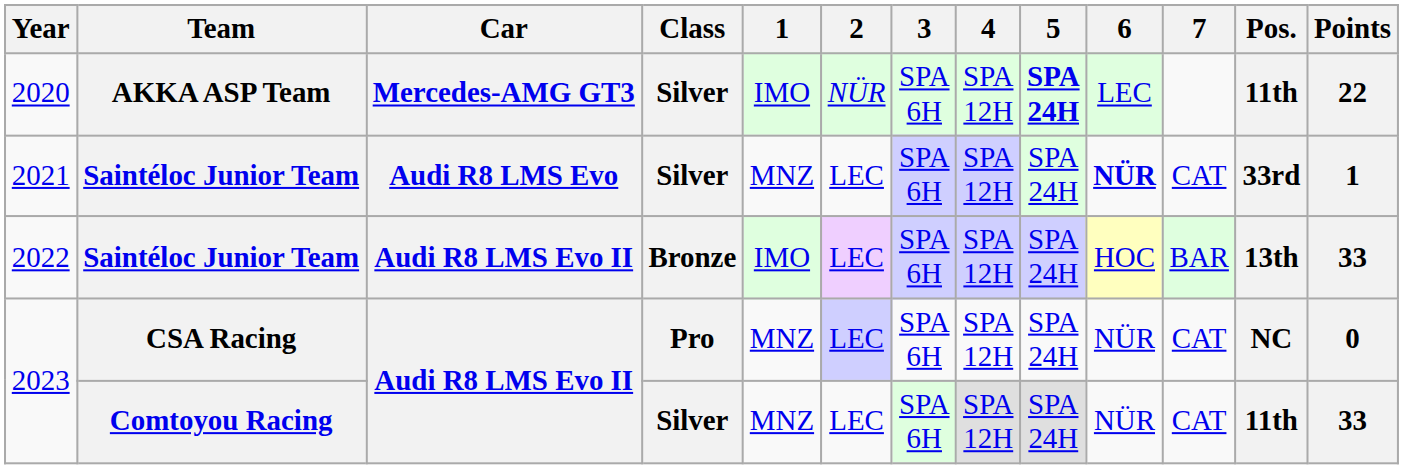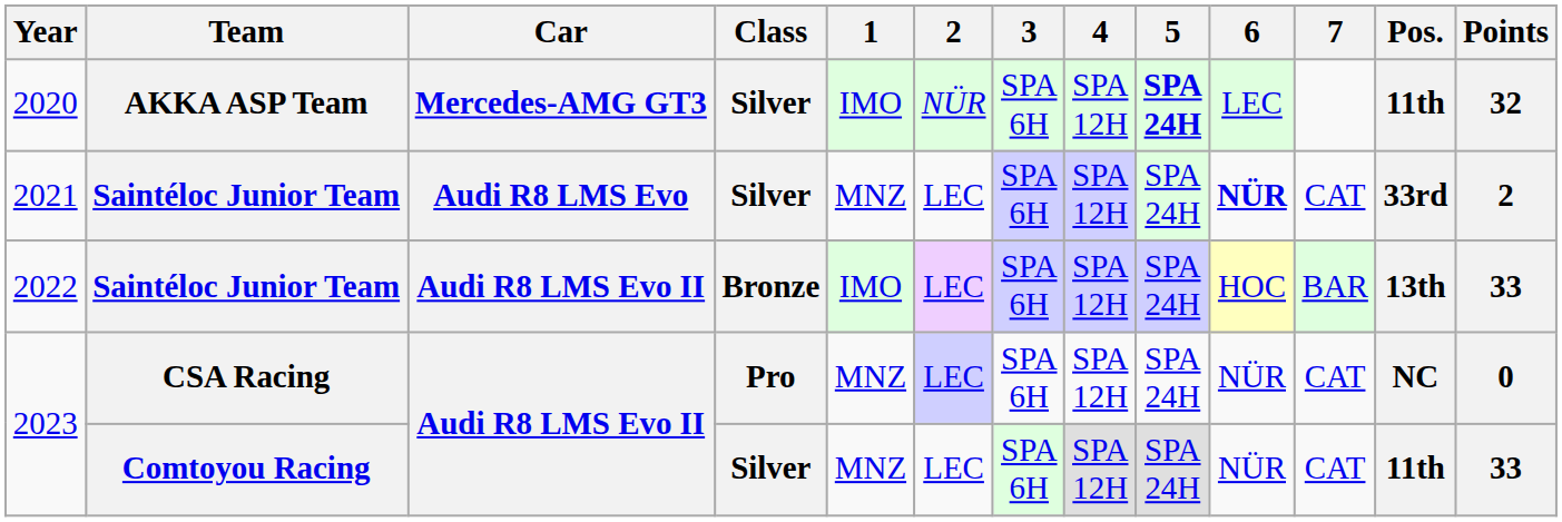 <table class="wikitable" border="1" style="text-align:center; font-size:90%;">
 <tr>
 <th>Year</th>
 <th>Team</th>
 <th>Car</th>
 <th>Class</th>
 <th>1</th>
 <th>2</th>
 <th>3</th>
 <th>4</th>
 <th>5</th>
 <th>6</th>
 <th>7</th>
 <th>Pos.</th>
 <th>Points</th>
 </tr>
 <tr>
 <td><a href='#'>2020</a></td>
 <th>AKKA ASP Team</th>
 <th><a href='#'>Mercedes-AMG GT3</a></th>
 <th>Silver</th>
 <td style="background:#DFFFDF;"><a href='#'>IMO</a><br></td>
 <td style="background:#DFFFDF;"><em><a href='#'>NÜR</a></em><br></td>
 <td style="background:#DFFFDF;"><a href='#'>SPA<br>6H</a><br></td>
 <td style="background:#DFFFDF;"><a href='#'>SPA<br>12H</a><br></td>
 <td style="background:#DFFFDF;"><strong><a href='#'>SPA<br>24H</a></strong><br></td>
 <td style="background:#DFFFDF;"><a href='#'>LEC</a><br></td>
 <td></td>
 <th>11th</th>
-<th>22</th>
+<th>32</th>
 </tr>
 <tr>
 <td><a href='#'>2021</a></td>
 <th><a href='#'>Saintéloc Junior Team</a></th>
 <th><a href='#'>Audi R8 LMS Evo</a></th>
 <th>Silver</th>
 <td style="background:#;"><a href='#'>MNZ</a></td>
 <td style="background:#;"><a href='#'>LEC</a></td>
 <td style="background:#CFCFFF;"><a href='#'>SPA<br>6H</a><br></td>
 <td style="background:#CFCFFF;"><a href='#'>SPA<br>12H</a><br></td>
 <td style="background:#DFFFDF;"><a href='#'>SPA<br>24H</a><br></td>
 <td style="background:#;"><strong><a href='#'>NÜR</a></strong></td>
 <td style="background:#;"><a href='#'>CAT</a></td>
 <th>33rd</th>
-<th>1</th>
+<th>2</th>
 </tr>
 <tr>
 <td><a href='#'>2022</a></td>
 <th><a href='#'>Saintéloc Junior Team</a></th>
 <th><a href='#'>Audi R8 LMS Evo II</a></th>
 <th>Bronze</th>
 <td style="background:#DFFFDF;"><a href='#'>IMO</a><br></td>
 <td style="background:#EFCFFF;"><a href='#'>LEC</a><br></td>
 <td style="background:#CFCFFF;"><a href='#'>SPA<br>6H</a><br></td>
 <td style="background:#CFCFFF;"><a href='#'>SPA<br>12H</a><br></td>
 <td style="background:#CFCFFF;"><a href='#'>SPA<br>24H</a><br></td>
 <td style="background:#FFFFBF;"><a href='#'>HOC</a><br></td>
 <td style="background:#DFFFDF;"><a href='#'>BAR</a><br></td>
 <th>13th</th>
 <th>33</th>
 </tr>
 <tr>
 <td rowspan="2"><a href='#'>2023</a></td>
 <th>CSA Racing</th>
 <th rowspan="2"><a href='#'>Audi R8 LMS Evo II</a></th>
 <th>Pro</th>
 <td style="background:#;"><a href='#'>MNZ</a></td>
 <td style="background:#CFCFFF;"><a href='#'>LEC</a><br></td>
 <td style="background:#;"><a href='#'>SPA<br>6H</a></td>
 <td style="background:#;"><a href='#'>SPA<br>12H</a></td>
 <td style="background:#;"><a href='#'>SPA<br>24H</a></td>
 <td style="background:#;"><a href='#'>NÜR</a></td>
 <td style="background:#;"><a href='#'>CAT</a></td>
 <th style="background:#;">NC</th>
 <th style="background:#;">0</th>
 </tr>
 <tr>
 <th><a href='#'>Comtoyou Racing</a></th>
 <th>Silver</th>
 <td style="background:#;"><a href='#'>MNZ</a></td>
 <td style="background:#;"><a href='#'>LEC</a></td>
 <td style="background:#DFFFDF;"><a href='#'>SPA<br>6H</a><br></td>
 <td style="background:#DFDFDF;"><a href='#'>SPA<br>12H</a><br></td>
 <td style="background:#DFDFDF;"><a href='#'>SPA<br>24H</a><br></td>
 <td style="background:#;"><a href='#'>NÜR</a></td>
 <td style="background:#;"><a href='#'>CAT</a></td>
 <th style="background:#;">11th</th>
 <th style="background:#;">33</th>
 </tr>
 </table>
